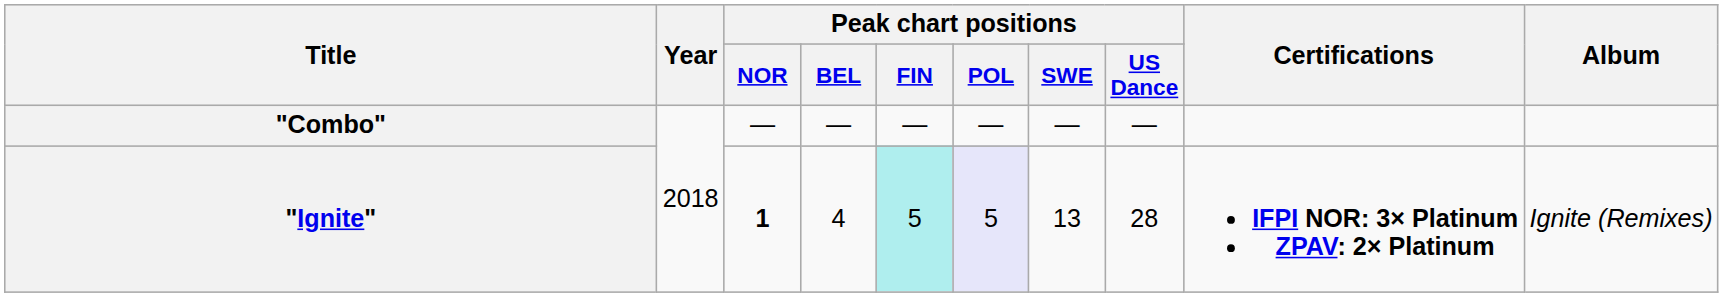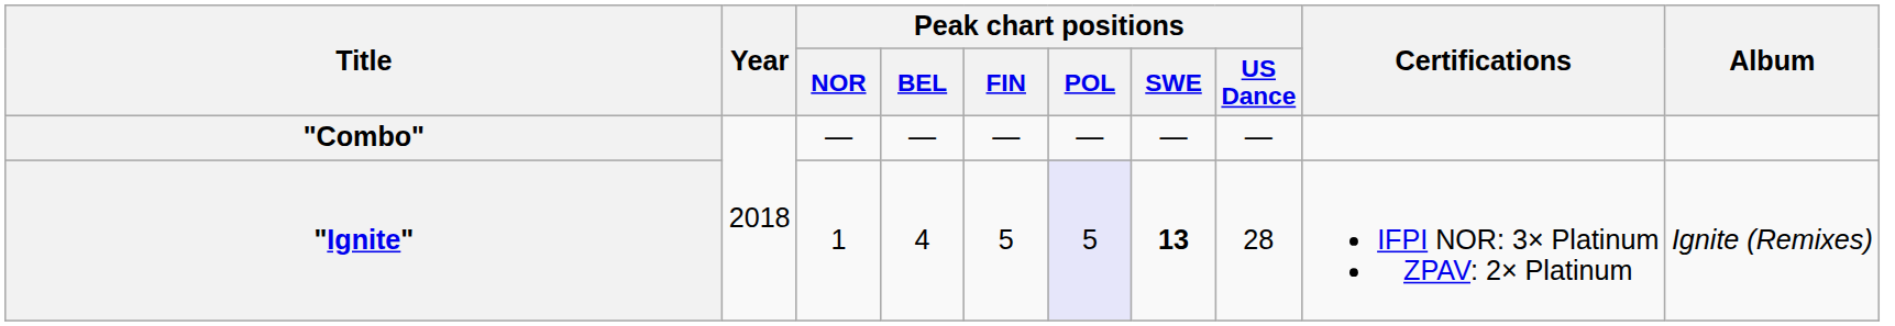 <table class="wikitable plainrowheaders" style="text-align:center">
 <tr>
 <th scope="col" rowspan="2" style="width:25.5em;">Title</th>
 <th scope="col" rowspan="2" style="width:1em;">Year</th>
 <th colspan="6" scope="col">Peak chart positions</th>
 <th scope="col" rowspan="2">Certifications</th>
 <th scope="col" rowspan="2">Album</th>
 </tr>
 <tr>
 <th scope="col" style="width:2.9em;font-size:90%;"><a href='#'>NOR</a><br></th>
 <th scope="col" style="width:2.9em;font-size:90%;"><a href='#'>BEL</a><br></th>
 <th scope="col" style="width:2.9em;font-size:90%;"><a href='#'>FIN</a><br></th>
 <th scope="col" style="width:2.9em;font-size:90%;"><a href='#'>POL</a><br></th>
 <th scope="col" style="width:2.9em;font-size:90%;"><a href='#'>SWE</a><br></th>
 <th scope="col" style="width:2.9em;font-size:90%;"><a href='#'>US<br>Dance</a><br></th>
 </tr>
 <tr>
 <th scope="row">"Combo" </th>
 <td rowspan="2">2018</td>
 <td>—</td>
 <td>—</td>
 <td>—</td>
 <td>—</td>
 <td>—</td>
 <td>—</td>
 <td></td>
 <td></td>
 </tr>
 <tr>
 <th scope="row">"<a href='#'>Ignite</a>" </th>
-<td><strong>1</strong></td>
+<td>1</td>
 <td>4</td>
-<td style="background: paleturquoise;">5</td>
+<td>5</td>
 <td style="background: lavender;">5</td>
-<td>13</td>
+<td><strong>13</strong></td>
 <td>28</td>
-<td><strong><br><ul><li><a href='#'>IFPI</a> NOR: 3× Platinum</li><li><a href='#'>ZPAV</a>: 2× Platinum</li></ul></strong></td>
+<td><br><ul><li><a href='#'>IFPI</a> NOR: 3× Platinum</li><li><a href='#'>ZPAV</a>: 2× Platinum</li></ul></td>
 <td><em>Ignite (Remixes)</em></td>
 </tr>
 </table>
